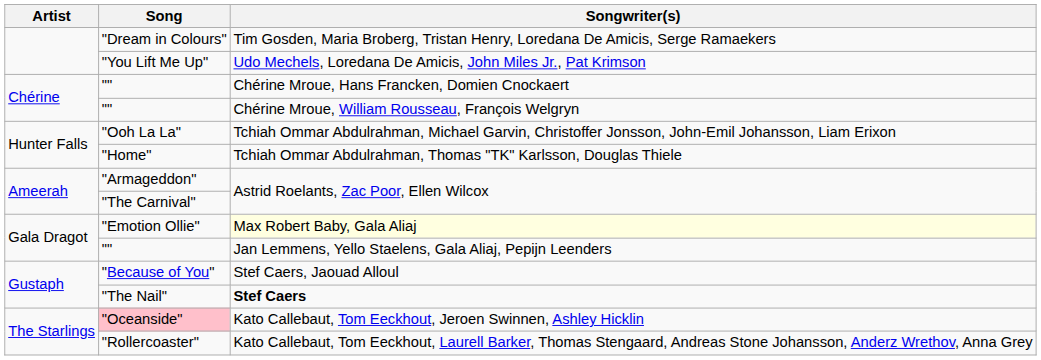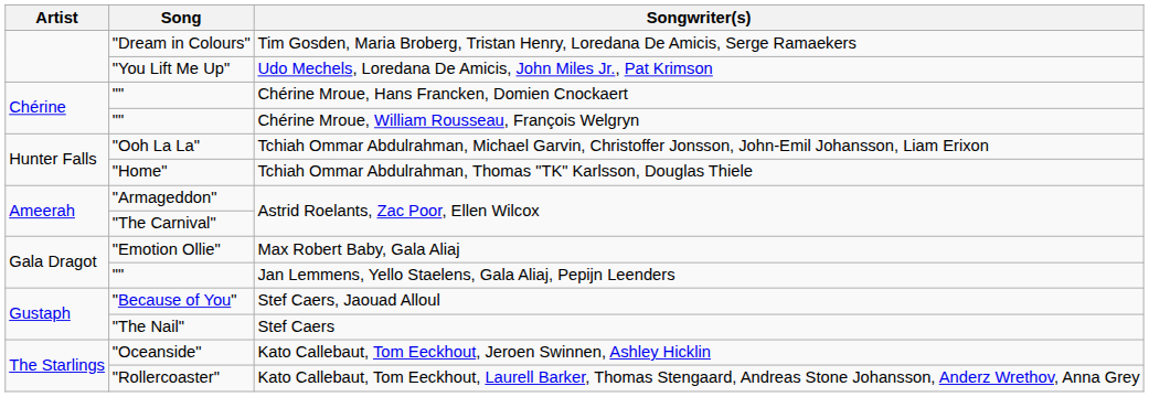 <table class="sortable wikitable" style="margin: 1em auto 1em auto;">
 <tr>
 <th>Artist</th>
 <th>Song</th>
 <th class="unsortable">Songwriter(s)</th>
 </tr>
 <tr>
 <td rowspan="2"></td>
 <td>"Dream in Colours"</td>
 <td>Tim Gosden, Maria Broberg, Tristan Henry, Loredana De Amicis, Serge Ramaekers</td>
 </tr>
 <tr>
 <td>"You Lift Me Up"</td>
 <td><a href='#'>Udo Mechels</a>, Loredana De Amicis, <a href='#'>John Miles Jr.</a>, <a href='#'>Pat Krimson</a></td>
 </tr>
 <tr>
 <td rowspan="2"><a href='#'>Chérine</a></td>
 <td>""</td>
 <td>Chérine Mroue, Hans Francken, Domien Cnockaert</td>
 </tr>
 <tr>
 <td>""</td>
 <td>Chérine Mroue, <a href='#'>William Rousseau</a>, François Welgryn</td>
 </tr>
 <tr>
 <td rowspan="2">Hunter Falls</td>
 <td>"Ooh La La"</td>
 <td>Tchiah Ommar Abdulrahman, Michael Garvin, Christoffer Jonsson, John-Emil Johansson, Liam Erixon</td>
 </tr>
 <tr>
 <td>"Home"</td>
 <td>Tchiah Ommar Abdulrahman, Thomas "TK" Karlsson, Douglas Thiele</td>
 </tr>
 <tr>
 <td rowspan="2"><a href='#'>Ameerah</a></td>
 <td>"Armageddon"</td>
 <td rowspan="2">Astrid Roelants, <a href='#'>Zac Poor</a>, Ellen Wilcox</td>
 </tr>
 <tr>
 <td>"The Carnival"</td>
 </tr>
 <tr>
 <td rowspan="2">Gala Dragot</td>
 <td>"Emotion Ollie"</td>
-<td style="background: lightyellow;">Max Robert Baby, Gala Aliaj</td>
+<td>Max Robert Baby, Gala Aliaj</td>
 </tr>
 <tr>
 <td>""</td>
 <td>Jan Lemmens, Yello Staelens, Gala Aliaj, Pepijn Leenders</td>
 </tr>
 <tr>
 <td rowspan="2"><a href='#'>Gustaph</a></td>
 <td>"<a href='#'>Because of You</a>"</td>
 <td>Stef Caers, Jaouad Alloul</td>
 </tr>
 <tr>
 <td>"The Nail"</td>
-<td><strong>Stef Caers</strong></td>
+<td>Stef Caers</td>
 </tr>
 <tr>
 <td rowspan="2"><a href='#'>The Starlings</a></td>
-<td style="background: pink;">"Oceanside"</td>
+<td>"Oceanside"</td>
 <td>Kato Callebaut, <a href='#'>Tom Eeckhout</a>, Jeroen Swinnen, <a href='#'>Ashley Hicklin</a></td>
 </tr>
 <tr>
 <td>"Rollercoaster"</td>
 <td>Kato Callebaut, Tom Eeckhout, <a href='#'>Laurell Barker</a>, Thomas Stengaard, Andreas Stone Johansson, <a href='#'>Anderz Wrethov</a>, Anna Grey</td>
 </tr>
 </table>
